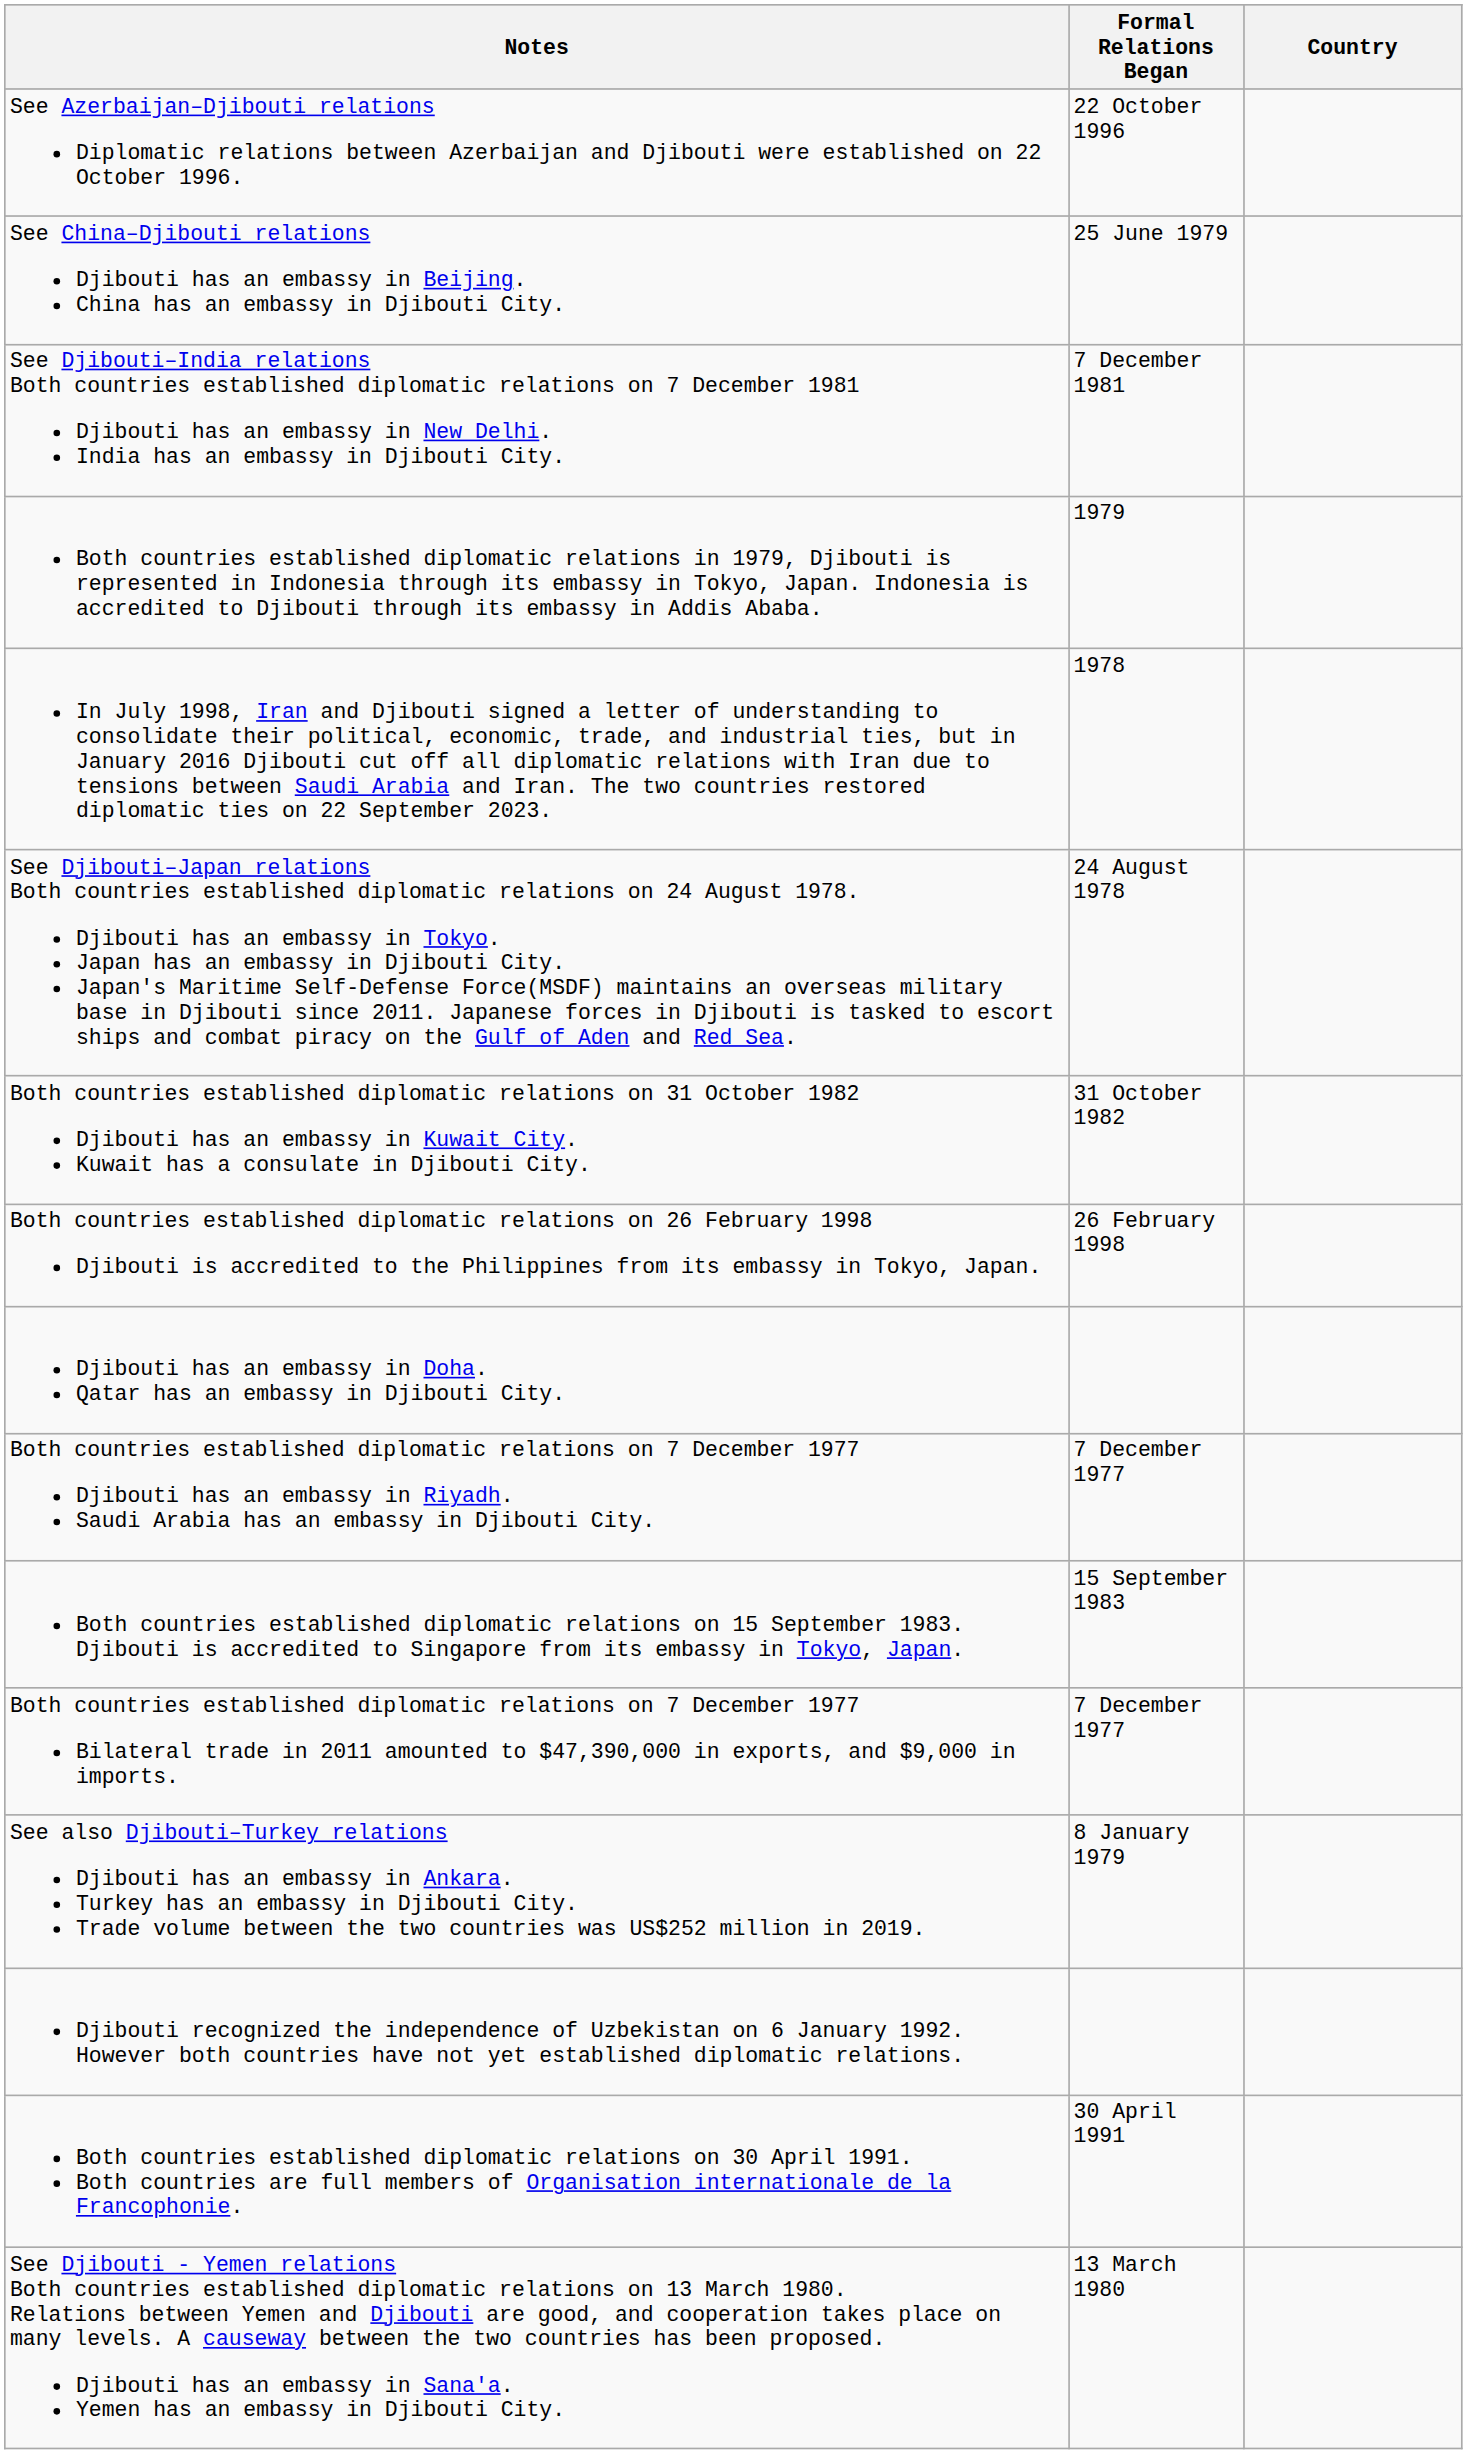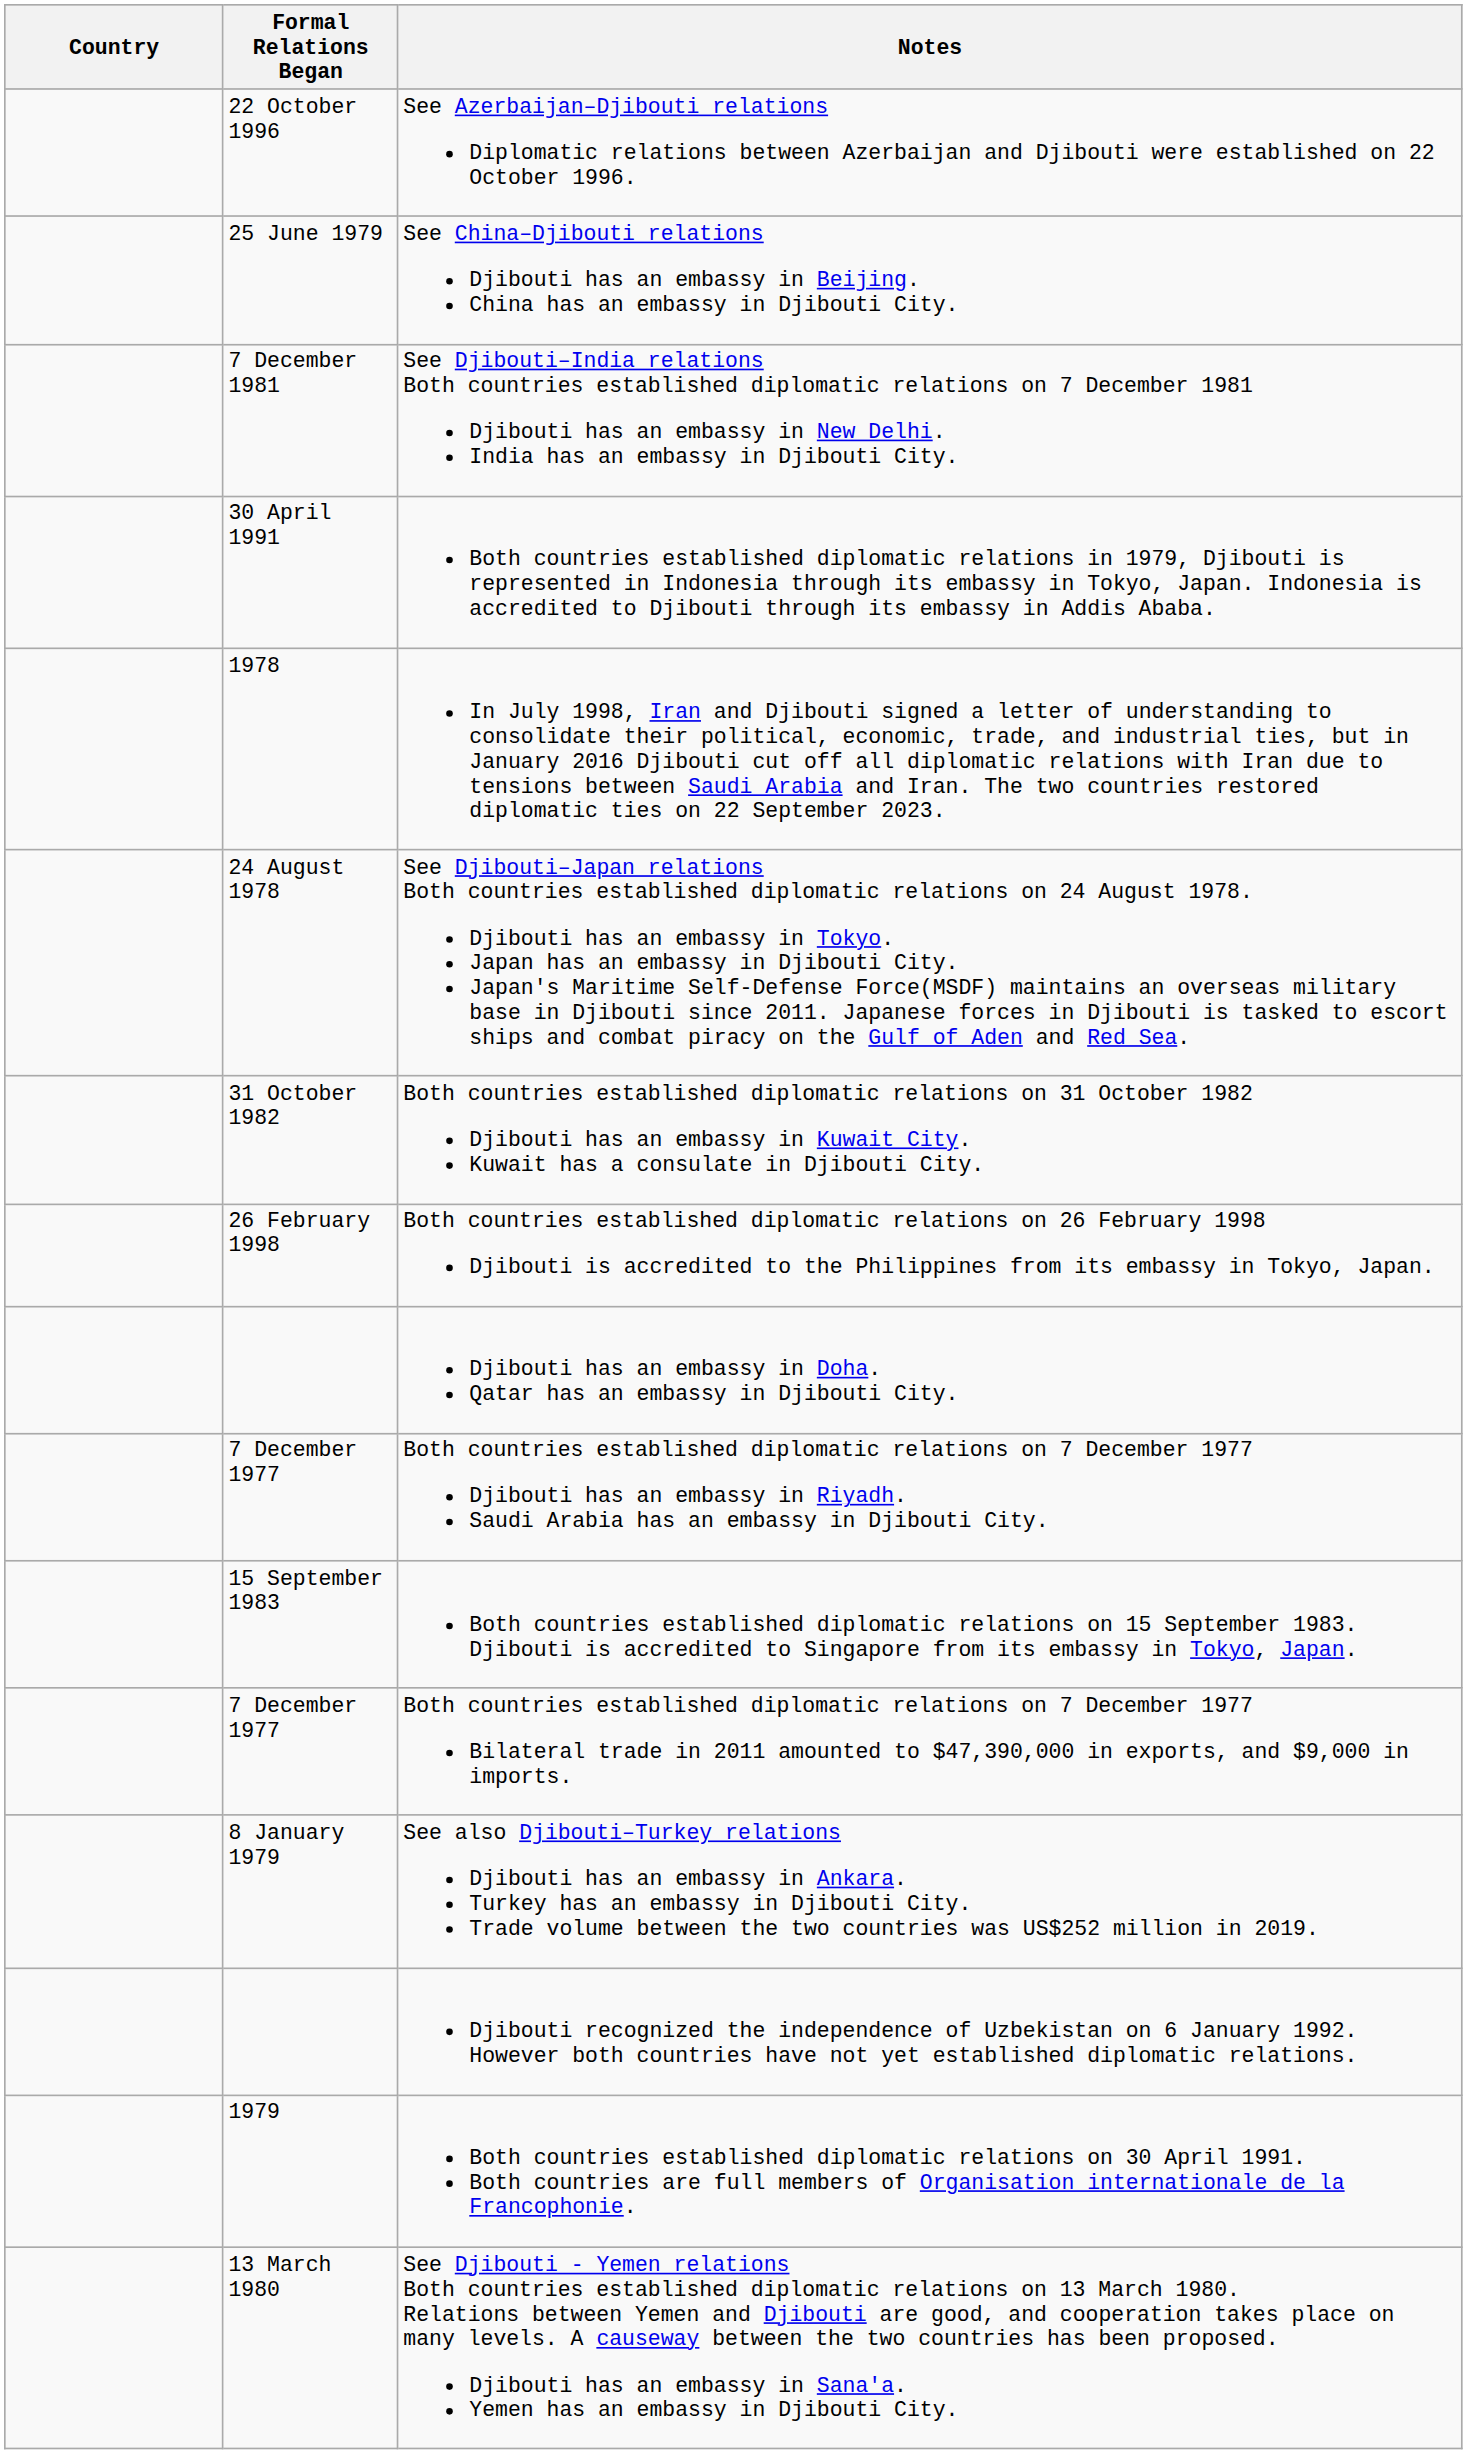 <table class="wikitable sortable" style="width:100%; margin:auto;">
 <tr>
+<th style="width:15%;">Country</th>
+<th style="width:12%;">Formal Relations Began</th>
 <th>Notes</th>
-<th style="width:12%;">Formal Relations Began</th>
-<th style="width:15%;">Country</th>
 </tr>
 <tr valign="top">
+<td></td>
+<td>22 October 1996</td>
 <td>See <a href='#'>Azerbaijan–Djibouti relations</a><br><ul><li>Diplomatic relations between Azerbaijan and Djibouti were established on 22 October 1996.</li></ul></td>
-<td>22 October 1996</td>
-<td></td>
 </tr>
 <tr valign="top">
+<td></td>
+<td>25 June 1979</td>
 <td>See <a href='#'>China–Djibouti relations</a><br><ul><li>Djibouti has an embassy in <a href='#'>Beijing</a>.</li><li>China has an embassy in Djibouti City.</li></ul></td>
-<td>25 June 1979</td>
-<td></td>
 </tr>
 <tr valign="top">
+<td></td>
+<td>7 December 1981</td>
 <td>See <a href='#'>Djibouti–India relations</a><br>Both countries established diplomatic relations on 7 December 1981<ul><li>Djibouti has an embassy in <a href='#'>New Delhi</a>.</li><li>India has an embassy in Djibouti City.</li></ul></td>
-<td>7 December 1981</td>
-<td></td>
 </tr>
 <tr valign="top">
+<td></td>
+<td>30 April 1991</td>
 <td><br><ul><li>Both countries established diplomatic relations in 1979, Djibouti is represented in Indonesia through its embassy in Tokyo, Japan. Indonesia is accredited to Djibouti through its embassy in Addis Ababa.</li></ul></td>
-<td>1979</td>
-<td></td>
 </tr>
 <tr valign="top">
+<td></td>
+<td>1978</td>
 <td><br><ul><li>In July 1998, <a href='#'>Iran</a> and Djibouti signed a letter of understanding to consolidate their political, economic, trade, and industrial ties, but in January 2016 Djibouti cut off all diplomatic relations with Iran due to tensions between <a href='#'>Saudi Arabia</a> and Iran. The two countries restored diplomatic ties on 22 September 2023.</li></ul></td>
-<td>1978</td>
-<td></td>
 </tr>
 <tr valign="top">
+<td></td>
+<td>24 August 1978</td>
 <td>See <a href='#'>Djibouti–Japan relations</a><br>Both countries established diplomatic relations on 24 August 1978.<ul><li>Djibouti has an embassy in <a href='#'>Tokyo</a>.</li><li>Japan has an embassy in Djibouti City.</li><li>Japan's Maritime Self-Defense Force(MSDF) maintains an overseas military base in Djibouti since 2011. Japanese forces in Djibouti is tasked to escort ships and combat piracy on the <a href='#'>Gulf of Aden</a> and <a href='#'>Red Sea</a>.</li></ul></td>
-<td>24 August 1978</td>
-<td></td>
 </tr>
 <tr valign="top">
+<td></td>
+<td>31 October 1982</td>
 <td>Both countries established diplomatic relations on 31 October 1982<br><ul><li>Djibouti has an embassy in <a href='#'>Kuwait City</a>.</li><li>Kuwait has a consulate in Djibouti City.</li></ul></td>
-<td>31 October 1982</td>
-<td></td>
 </tr>
 <tr valign="top">
+<td></td>
+<td>26 February 1998</td>
 <td>Both countries established diplomatic relations on 26 February 1998<br><ul><li>Djibouti is accredited to the Philippines from its embassy in Tokyo, Japan.</li></ul></td>
-<td>26 February 1998</td>
-<td></td>
 </tr>
 <tr valign="top">
-<td><br><ul><li>Djibouti has an embassy in <a href='#'>Doha</a>.</li><li>Qatar has an embassy in Djibouti City.</li></ul></td>
 <td></td>
 <td></td>
+<td><br><ul><li>Djibouti has an embassy in <a href='#'>Doha</a>.</li><li>Qatar has an embassy in Djibouti City.</li></ul></td>
 </tr>
 <tr valign="top">
+<td></td>
+<td>7 December 1977</td>
 <td>Both countries established diplomatic relations on 7 December 1977<br><ul><li>Djibouti has an embassy in <a href='#'>Riyadh</a>.</li><li>Saudi Arabia has an embassy in Djibouti City.</li></ul></td>
-<td>7 December 1977</td>
-<td></td>
 </tr>
 <tr valign="top">
+<td></td>
+<td>15 September 1983</td>
 <td><br><ul><li>Both countries established diplomatic relations on 15 September 1983. Djibouti is accredited to Singapore from its embassy in <a href='#'>Tokyo</a>, <a href='#'>Japan</a>.</li></ul></td>
-<td>15 September 1983</td>
-<td></td>
 </tr>
 <tr valign="top">
+<td></td>
+<td>7 December 1977</td>
 <td>Both countries established diplomatic relations on 7 December 1977<br><ul><li>Bilateral trade in 2011 amounted to $47,390,000 in exports, and $9,000 in imports.</li></ul></td>
-<td>7 December 1977</td>
-<td></td>
 </tr>
 <tr valign="top">
+<td></td>
+<td>8 January 1979</td>
 <td>See also <a href='#'>Djibouti–Turkey relations</a><br><ul><li>Djibouti has an embassy in <a href='#'>Ankara</a>.</li><li>Turkey has an embassy in Djibouti City.</li><li>Trade volume between the two countries was US$252 million in 2019.</li></ul></td>
-<td>8 January 1979</td>
-<td></td>
 </tr>
 <tr valign="top">
-<td><br><ul><li>Djibouti recognized the independence of Uzbekistan on 6 January 1992. However both countries have not yet established diplomatic relations.</li></ul></td>
 <td></td>
 <td></td>
+<td><br><ul><li>Djibouti recognized the independence of Uzbekistan on 6 January 1992. However both countries have not yet established diplomatic relations.</li></ul></td>
 </tr>
 <tr valign="top">
+<td></td>
+<td>1979</td>
 <td><br><ul><li>Both countries established diplomatic relations on 30 April 1991.</li><li>Both countries are full members of <a href='#'>Organisation internationale de la Francophonie</a>.</li></ul></td>
-<td>30 April 1991</td>
-<td></td>
 </tr>
 <tr valign="top">
+<td></td>
+<td>13 March 1980</td>
 <td>See <a href='#'>Djibouti - Yemen relations</a><br>Both countries established diplomatic relations on 13 March 1980.<br>Relations between Yemen and <a href='#'>Djibouti</a> are good, and cooperation takes place on many levels. A <a href='#'>causeway</a> between the two countries has been proposed.<ul><li>Djibouti has an embassy in <a href='#'>Sana'a</a>.</li><li>Yemen has an embassy in Djibouti City.</li></ul></td>
-<td>13 March 1980</td>
-<td></td>
 </tr>
 </table>
